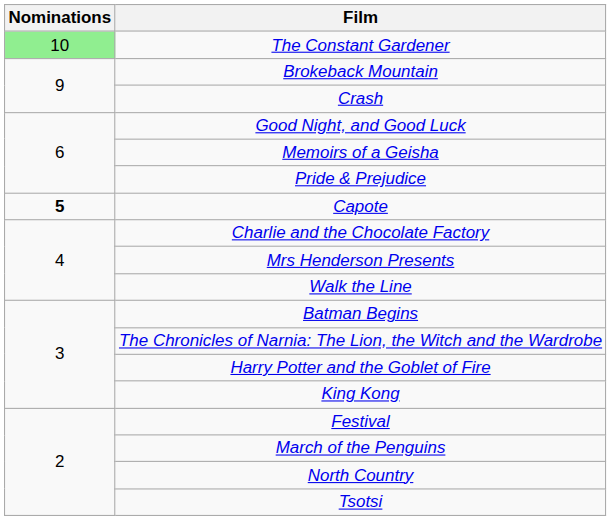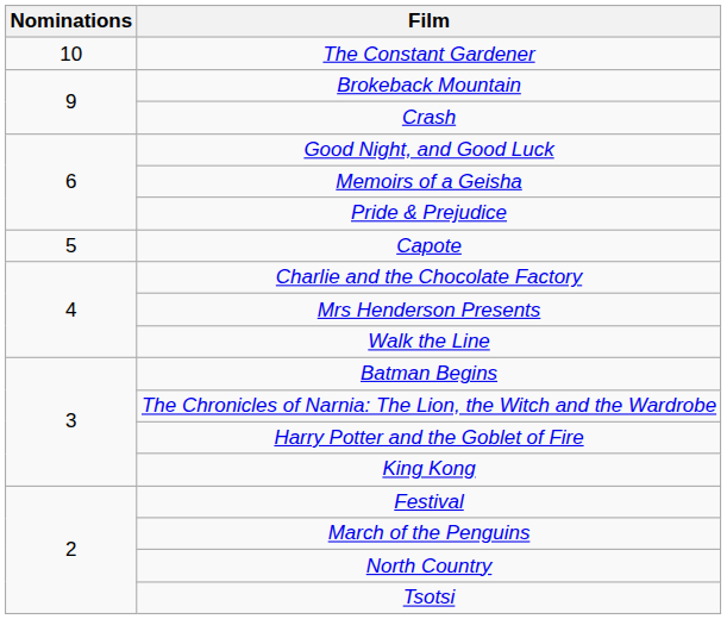 <table class="wikitable" style="text-align:center;">
 <tr>
 <th style="background:">Nominations</th>
 <th style="background:">Film</th>
 </tr>
 <tr>
-<td style="background: lightgreen;">10</td>
+<td>10</td>
 <td><em><a href='#'>The Constant Gardener</a></em></td>
 </tr>
 <tr>
 <td rowspan="2">9</td>
 <td><em><a href='#'>Brokeback Mountain</a></em></td>
 </tr>
 <tr>
 <td><em><a href='#'>Crash</a></em></td>
 </tr>
 <tr>
 <td rowspan="3">6</td>
 <td><em><a href='#'>Good Night, and Good Luck</a></em></td>
 </tr>
 <tr>
 <td><em><a href='#'>Memoirs of a Geisha</a></em></td>
 </tr>
 <tr>
 <td><em><a href='#'>Pride & Prejudice</a></em></td>
 </tr>
 <tr>
-<td><strong>5</strong></td>
+<td>5</td>
 <td><em><a href='#'>Capote</a></em></td>
 </tr>
 <tr>
 <td rowspan="3">4</td>
 <td><em><a href='#'>Charlie and the Chocolate Factory</a></em></td>
 </tr>
 <tr>
 <td><em><a href='#'>Mrs Henderson Presents</a></em></td>
 </tr>
 <tr>
 <td><em><a href='#'>Walk the Line</a></em></td>
 </tr>
 <tr>
 <td rowspan="4">3</td>
 <td><em><a href='#'>Batman Begins</a></em></td>
 </tr>
 <tr>
 <td><em><a href='#'>The Chronicles of Narnia: The Lion, the Witch and the Wardrobe</a></em></td>
 </tr>
 <tr>
 <td><em><a href='#'>Harry Potter and the Goblet of Fire</a></em></td>
 </tr>
 <tr>
 <td><em><a href='#'>King Kong</a></em></td>
 </tr>
 <tr>
 <td rowspan="4">2</td>
 <td><em><a href='#'>Festival</a></em></td>
 </tr>
 <tr>
 <td><em><a href='#'>March of the Penguins</a></em></td>
 </tr>
 <tr>
 <td><em><a href='#'>North Country</a></em></td>
 </tr>
 <tr>
 <td><em><a href='#'>Tsotsi</a></em></td>
 </tr>
 </table>
